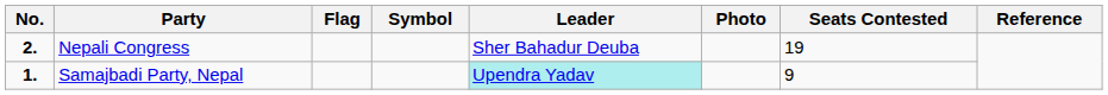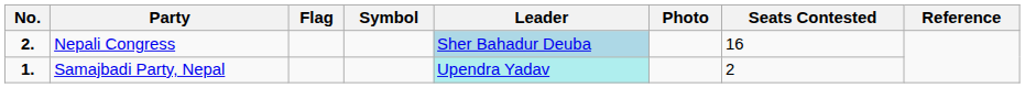 <table class="wikitable" width="50%">
 <tr>
 <th>No.</th>
 <th>Party</th>
 <th>Flag</th>
 <th>Symbol</th>
 <th>Leader</th>
 <th>Photo</th>
 <th>Seats Contested</th>
 <th>Reference</th>
 </tr>
 <tr>
 <td style="text-align:center; background:"><strong>2.</strong></td>
 <td><a href='#'>Nepali Congress</a></td>
 <td></td>
 <td></td>
-<td><a href='#'>Sher Bahadur Deuba</a></td>
+<td style="background: lightblue;"><a href='#'>Sher Bahadur Deuba</a></td>
 <td></td>
-<td>19</td>
+<td>16</td>
 <td rowspan="2"></td>
 </tr>
 <tr>
 <td style="text-align:center; background:"><strong>1.</strong></td>
 <td><a href='#'>Samajbadi Party, Nepal</a></td>
 <td></td>
 <td></td>
 <td style="background: paleturquoise;"><a href='#'>Upendra Yadav</a></td>
 <td></td>
-<td>9</td>
+<td>2</td>
 </tr>
 </table>
